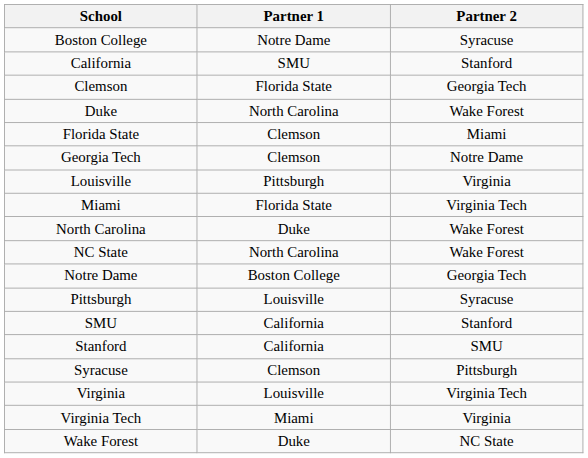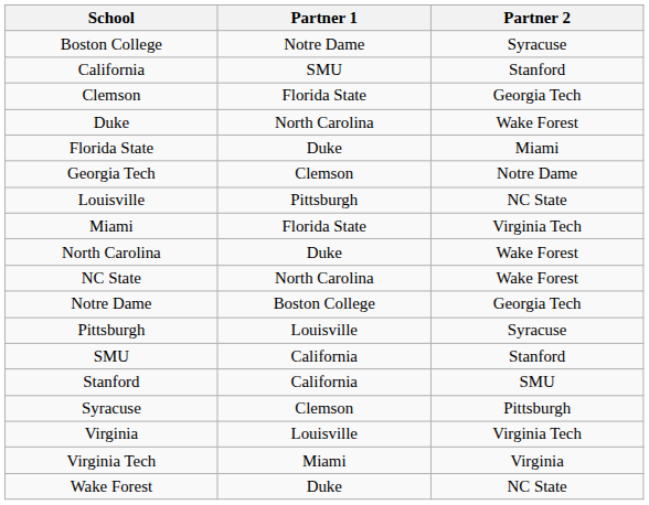 <table class="wikitable sortable" style="text-align: center;">
 <tr>
 <th style="width:200px;">School</th>
 <th style="width:200px;">Partner 1</th>
 <th style="width:200px;">Partner 2</th>
 </tr>
 <tr>
 <td>Boston College</td>
 <td>Notre Dame</td>
 <td>Syracuse</td>
 </tr>
 <tr>
 <td>California</td>
 <td>SMU</td>
 <td>Stanford</td>
 </tr>
 <tr>
 <td>Clemson</td>
 <td>Florida State</td>
 <td>Georgia Tech</td>
 </tr>
 <tr>
 <td>Duke</td>
 <td>North Carolina</td>
 <td>Wake Forest</td>
 </tr>
 <tr>
 <td>Florida State</td>
-<td>Clemson</td>
+<td>Duke</td>
 <td>Miami</td>
 </tr>
 <tr>
 <td>Georgia Tech</td>
 <td>Clemson</td>
 <td>Notre Dame</td>
 </tr>
 <tr>
 <td>Louisville</td>
 <td>Pittsburgh</td>
-<td>Virginia</td>
+<td>NC State</td>
 </tr>
 <tr>
 <td>Miami</td>
 <td>Florida State</td>
 <td>Virginia Tech</td>
 </tr>
 <tr>
 <td>North Carolina</td>
 <td>Duke</td>
 <td>Wake Forest</td>
 </tr>
 <tr>
 <td>NC State</td>
 <td>North Carolina</td>
 <td>Wake Forest</td>
 </tr>
 <tr>
 <td>Notre Dame</td>
 <td>Boston College</td>
 <td>Georgia Tech</td>
 </tr>
 <tr>
 <td>Pittsburgh</td>
 <td>Louisville</td>
 <td>Syracuse</td>
 </tr>
 <tr>
 <td>SMU</td>
 <td>California</td>
 <td>Stanford</td>
 </tr>
 <tr>
 <td>Stanford</td>
 <td>California</td>
 <td>SMU</td>
 </tr>
 <tr>
 <td>Syracuse</td>
 <td>Clemson</td>
 <td>Pittsburgh</td>
 </tr>
 <tr>
 <td>Virginia</td>
 <td>Louisville</td>
 <td>Virginia Tech</td>
 </tr>
 <tr>
 <td>Virginia Tech</td>
 <td>Miami</td>
 <td>Virginia</td>
 </tr>
 <tr>
 <td>Wake Forest</td>
 <td>Duke</td>
 <td>NC State</td>
 </tr>
 </table>
